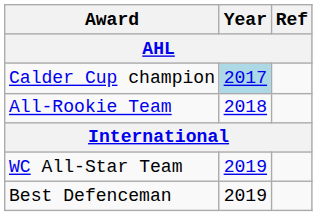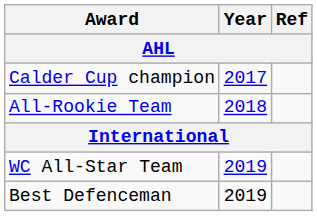 <table class="wikitable">
 <tr>
 <th>Award</th>
 <th>Year</th>
 <th>Ref</th>
 </tr>
 <tr>
 <th colspan="3"><a href='#'>AHL</a></th>
 </tr>
 <tr>
 <td><a href='#'>Calder Cup</a> champion</td>
-<td style="background: lightblue;"><a href='#'>2017</a></td>
+<td><a href='#'>2017</a></td>
 <td></td>
 </tr>
 <tr>
 <td><a href='#'>All-Rookie Team</a></td>
 <td><a href='#'>2018</a></td>
 <td></td>
 </tr>
 <tr>
 <th colspan="3"><a href='#'>International</a></th>
 </tr>
 <tr>
 <td><a href='#'>WC</a> All-Star Team</td>
 <td><a href='#'>2019</a></td>
 <td></td>
 </tr>
 <tr>
 <td>Best Defenceman</td>
 <td>2019</td>
 <td></td>
 </tr>
 </table>
